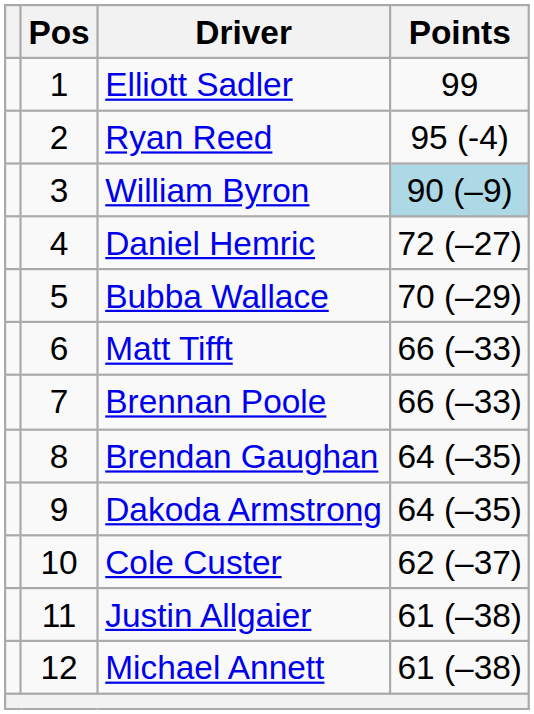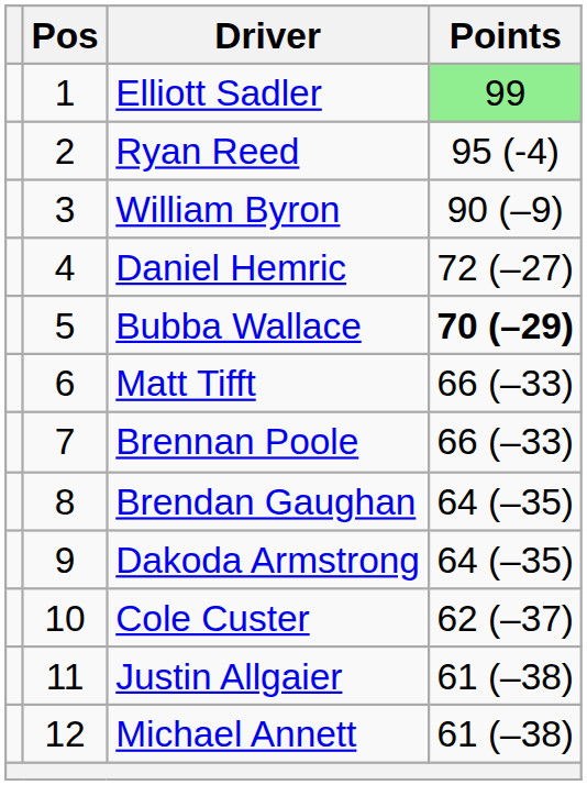 <table class="wikitable" style="font-size: 95%;">
 <tr>
 <th></th>
 <th>Pos</th>
 <th>Driver</th>
 <th>Points</th>
 </tr>
 <tr>
 <td align="left"></td>
 <td style="text-align:center;">1</td>
 <td><a href='#'>Elliott Sadler</a></td>
-<td style="text-align:center;">99</td>
+<td style="background: lightgreen; text-align:center;">99</td>
 </tr>
 <tr>
 <td align="left"></td>
 <td style="text-align:center;">2</td>
 <td><a href='#'>Ryan Reed</a></td>
 <td style="text-align:center;">95 (-4)</td>
 </tr>
 <tr>
 <td align="left"></td>
 <td style="text-align:center;">3</td>
 <td><a href='#'>William Byron</a></td>
-<td style="background: lightblue; text-align:center;">90 (–9)</td>
+<td style="text-align:center;">90 (–9)</td>
 </tr>
 <tr>
 <td align="left"></td>
 <td style="text-align:center;">4</td>
 <td><a href='#'>Daniel Hemric</a></td>
 <td style="text-align:center;">72 (–27)</td>
 </tr>
 <tr>
 <td align="left"></td>
 <td style="text-align:center;">5</td>
 <td><a href='#'>Bubba Wallace</a></td>
-<td style="text-align:center;">70 (–29)</td>
+<td style="text-align:center;"><strong>70 (–29)</strong></td>
 </tr>
 <tr>
 <td align="left"></td>
 <td style="text-align:center;">6</td>
 <td><a href='#'>Matt Tifft</a></td>
 <td style="text-align:center;">66 (–33)</td>
 </tr>
 <tr>
 <td align="left"></td>
 <td style="text-align:center;">7</td>
 <td><a href='#'>Brennan Poole</a></td>
 <td style="text-align:center;">66 (–33)</td>
 </tr>
 <tr>
 <td align="left"></td>
 <td style="text-align:center;">8</td>
 <td><a href='#'>Brendan Gaughan</a></td>
 <td style="text-align:center;">64 (–35)</td>
 </tr>
 <tr>
 <td align="left"></td>
 <td style="text-align:center;">9</td>
 <td><a href='#'>Dakoda Armstrong</a></td>
 <td style="text-align:center;">64 (–35)</td>
 </tr>
 <tr>
 <td align="left"></td>
 <td style="text-align:center;">10</td>
 <td><a href='#'>Cole Custer</a></td>
 <td style="text-align:center;">62 (–37)</td>
 </tr>
 <tr>
 <td align="left"></td>
 <td style="text-align:center;">11</td>
 <td><a href='#'>Justin Allgaier</a></td>
 <td style="text-align:center;">61 (–38)</td>
 </tr>
 <tr>
 <td align="left"></td>
 <td style="text-align:center;">12</td>
 <td><a href='#'>Michael Annett</a></td>
 <td style="text-align:center;">61 (–38)</td>
 </tr>
 <tr class="sortbottom">
 <th colspan="9"></th>
 </tr>
 </table>
